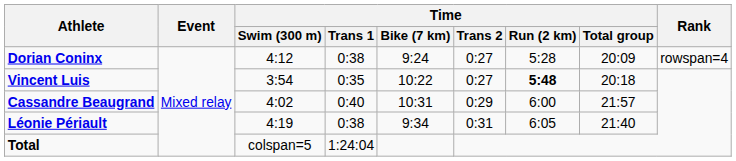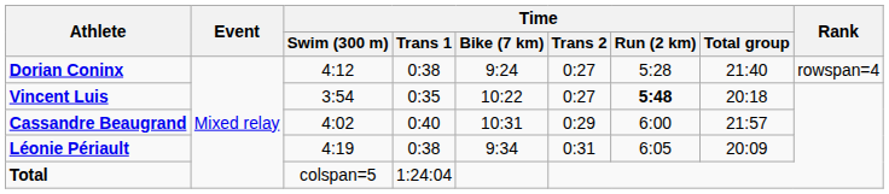 <table class="wikitable" style="font-size:90%; text-align:center">
 <tr>
 <th rowspan=2>Athlete</th>
 <th rowspan=2>Event</th>
 <th colspan=6>Time</th>
 <th rowspan=2>Rank</th>
 </tr>
 <tr style="font-size:95%">
 <th>Swim (300 m)</th>
 <th>Trans 1</th>
 <th>Bike (7 km)</th>
 <th>Trans 2</th>
 <th>Run (2 km)</th>
 <th>Total group</th>
 </tr>
 <tr>
 <td align=left><strong><a href='#'>Dorian Coninx</a></strong></td>
 <td align=left rowspan=5><a href='#'>Mixed relay</a></td>
 <td>4:12</td>
 <td>0:38</td>
 <td>9:24</td>
 <td>0:27</td>
 <td>5:28</td>
-<td>20:09</td>
+<td>21:40</td>
 <td>rowspan=4 </td>
 </tr>
 <tr>
 <td align=left><strong><a href='#'>Vincent Luis</a></strong></td>
 <td>3:54</td>
 <td>0:35</td>
 <td>10:22</td>
 <td>0:27</td>
 <td><strong>5:48</strong></td>
 <td>20:18</td>
 </tr>
 <tr>
 <td align=left><strong><a href='#'>Cassandre Beaugrand</a></strong></td>
 <td>4:02</td>
 <td>0:40</td>
 <td>10:31</td>
 <td>0:29</td>
 <td>6:00</td>
 <td>21:57</td>
 </tr>
 <tr>
 <td align=left><strong><a href='#'>Léonie Périault</a></strong></td>
 <td>4:19</td>
 <td>0:38</td>
 <td>9:34</td>
 <td>0:31</td>
 <td>6:05</td>
-<td>21:40</td>
+<td>20:09</td>
 </tr>
 <tr>
 <td align=left><strong>Total</strong></td>
 <td>colspan=5 </td>
 <td>1:24:04</td>
 <td></td>
 </tr>
 </table>
